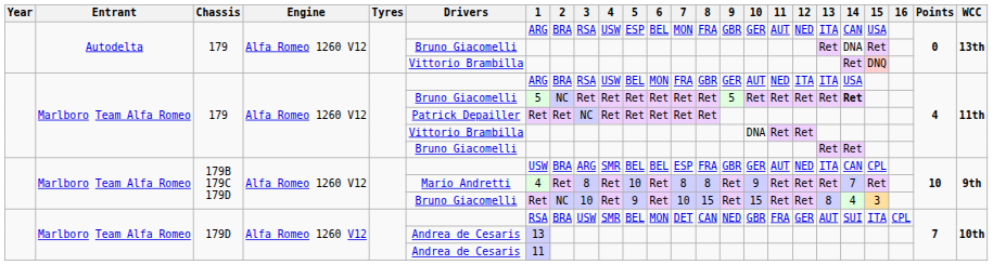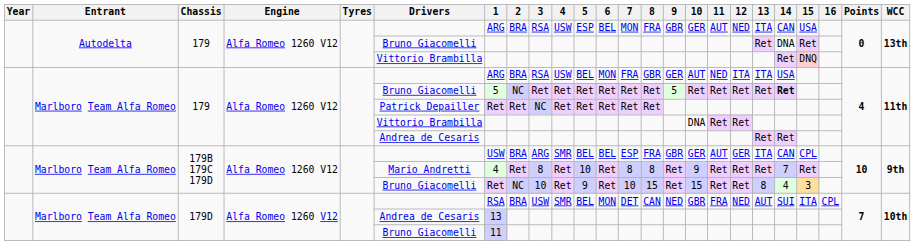 <table class="wikitable" style="text-align:center; font-size:95%">
 <tr>
 <th>Year</th>
 <th>Entrant</th>
 <th>Chassis</th>
 <th>Engine</th>
 <th>Tyres</th>
 <th>Drivers</th>
 <th>1</th>
 <th>2</th>
 <th>3</th>
 <th>4</th>
 <th>5</th>
 <th>6</th>
 <th>7</th>
 <th>8</th>
 <th>9</th>
 <th>10</th>
 <th>11</th>
 <th>12</th>
 <th>13</th>
 <th>14</th>
 <th>15</th>
 <th>16</th>
 <th>Points</th>
 <th>WCC</th>
 </tr>
 <tr>
 <td rowspan="3"></td>
 <td rowspan="3"><a href='#'>Autodelta</a></td>
 <td rowspan="3">179</td>
 <td rowspan="3"><a href='#'>Alfa Romeo</a> 1260 V12</td>
 <td rowspan="3"></td>
 <td></td>
 <td><a href='#'>ARG</a></td>
 <td><a href='#'>BRA</a></td>
 <td><a href='#'>RSA</a></td>
 <td><a href='#'>USW</a></td>
 <td><a href='#'>ESP</a></td>
 <td><a href='#'>BEL</a></td>
 <td><a href='#'>MON</a></td>
 <td><a href='#'>FRA</a></td>
 <td><a href='#'>GBR</a></td>
 <td><a href='#'>GER</a></td>
 <td><a href='#'>AUT</a></td>
 <td><a href='#'>NED</a></td>
 <td><a href='#'>ITA</a></td>
 <td><a href='#'>CAN</a></td>
 <td><a href='#'>USA</a></td>
 <td></td>
 <td rowspan="3"><strong>0</strong></td>
 <td rowspan="3"><strong>13th</strong></td>
 </tr>
 <tr>
 <td><a href='#'>Bruno Giacomelli</a></td>
 <td></td>
 <td></td>
 <td></td>
 <td></td>
 <td></td>
 <td></td>
 <td></td>
 <td></td>
 <td></td>
 <td></td>
 <td></td>
 <td></td>
 <td style="background:#EFCFFF;">Ret</td>
 <td>DNA</td>
 <td style="background:#EFCFFF;">Ret</td>
 <td></td>
 </tr>
 <tr>
 <td><a href='#'>Vittorio Brambilla</a></td>
 <td></td>
 <td></td>
 <td></td>
 <td></td>
 <td></td>
 <td></td>
 <td></td>
 <td></td>
 <td></td>
 <td></td>
 <td></td>
 <td></td>
 <td></td>
 <td style="background:#EFCFFF;">Ret</td>
 <td style="background:#ffcfcf;">DNQ</td>
 <td></td>
 </tr>
 <tr>
 <td rowspan="5"></td>
 <td rowspan="5"><a href='#'>Marlboro</a> <a href='#'>Team Alfa Romeo</a></td>
 <td rowspan="5">179</td>
 <td rowspan="5"><a href='#'>Alfa Romeo</a> 1260 V12</td>
 <td rowspan="5"></td>
 <td></td>
 <td><a href='#'>ARG</a></td>
 <td><a href='#'>BRA</a></td>
 <td><a href='#'>RSA</a></td>
 <td><a href='#'>USW</a></td>
 <td><a href='#'>BEL</a></td>
 <td><a href='#'>MON</a></td>
 <td><a href='#'>FRA</a></td>
 <td><a href='#'>GBR</a></td>
 <td><a href='#'>GER</a></td>
 <td><a href='#'>AUT</a></td>
 <td><a href='#'>NED</a></td>
 <td><a href='#'>ITA</a></td>
 <td><a href='#'>ITA</a></td>
 <td><a href='#'>USA</a></td>
 <td></td>
 <td></td>
 <td rowspan="5"><strong>4</strong></td>
 <td rowspan="5"><strong>11th</strong></td>
 </tr>
 <tr>
 <td><a href='#'>Bruno Giacomelli</a></td>
 <td style="background:#dfffdf;">5</td>
 <td style="background:#cfcfff;">NC</td>
 <td style="background:#EFCFFF;">Ret</td>
 <td style="background:#EFCFFF;">Ret</td>
 <td style="background:#EFCFFF;">Ret</td>
 <td style="background:#EFCFFF;">Ret</td>
 <td style="background:#EFCFFF;">Ret</td>
 <td style="background:#EFCFFF;">Ret</td>
 <td style="background:#dfffdf;">5</td>
 <td style="background:#EFCFFF;">Ret</td>
 <td style="background:#EFCFFF;">Ret</td>
 <td style="background:#EFCFFF;">Ret</td>
 <td style="background:#EFCFFF;">Ret</td>
 <td style="background:#EFCFFF;"><strong>Ret</strong></td>
 <td></td>
 <td></td>
 </tr>
 <tr>
 <td><a href='#'>Patrick Depailler</a></td>
 <td style="background:#EFCFFF;">Ret</td>
 <td style="background:#EFCFFF;">Ret</td>
 <td style="background:#cfcfff;">NC</td>
 <td style="background:#EFCFFF;">Ret</td>
 <td style="background:#EFCFFF;">Ret</td>
 <td style="background:#EFCFFF;">Ret</td>
 <td style="background:#EFCFFF;">Ret</td>
 <td style="background:#EFCFFF;">Ret</td>
 <td></td>
 <td></td>
 <td></td>
 <td></td>
 <td></td>
 <td></td>
 <td></td>
 <td></td>
 </tr>
 <tr>
 <td><a href='#'>Vittorio Brambilla</a></td>
 <td></td>
 <td></td>
 <td></td>
 <td></td>
 <td></td>
 <td></td>
 <td></td>
 <td></td>
 <td></td>
 <td>DNA</td>
 <td style="background:#EFCFFF;">Ret</td>
 <td style="background:#EFCFFF;">Ret</td>
 <td></td>
 <td></td>
 <td></td>
 <td></td>
 </tr>
 <tr>
-<td><a href='#'>Bruno Giacomelli</a></td>
+<td><a href='#'>Andrea de Cesaris</a></td>
 <td></td>
 <td></td>
 <td></td>
 <td></td>
 <td></td>
 <td></td>
 <td></td>
 <td></td>
 <td></td>
 <td></td>
 <td></td>
 <td></td>
 <td style="background:#EFCFFF;">Ret</td>
 <td style="background:#EFCFFF;">Ret</td>
 <td></td>
 <td></td>
 </tr>
 <tr>
 <td rowspan="3"></td>
 <td rowspan="3"><a href='#'>Marlboro</a> <a href='#'>Team Alfa Romeo</a></td>
 <td rowspan="3">179B<br>179C<br>179D</td>
 <td rowspan="3"><a href='#'>Alfa Romeo</a> 1260 V12</td>
 <td rowspan="3"></td>
 <td></td>
 <td><a href='#'>USW</a></td>
 <td><a href='#'>BRA</a></td>
 <td><a href='#'>ARG</a></td>
 <td><a href='#'>SMR</a></td>
 <td><a href='#'>BEL</a></td>
 <td><a href='#'>BEL</a></td>
 <td><a href='#'>ESP</a></td>
 <td><a href='#'>FRA</a></td>
 <td><a href='#'>GBR</a></td>
 <td><a href='#'>GER</a></td>
 <td><a href='#'>AUT</a></td>
-<td><a href='#'>NED</a></td>
+<td><a href='#'>GER</a></td>
 <td><a href='#'>ITA</a></td>
 <td><a href='#'>CAN</a></td>
 <td><a href='#'>CPL</a></td>
 <td></td>
 <td rowspan="3"><strong>10</strong></td>
 <td rowspan="3"><strong>9th</strong></td>
 </tr>
 <tr>
 <td><a href='#'>Mario Andretti</a></td>
 <td style="background:#dfffdf;">4</td>
 <td style="background:#EFCFFF;">Ret</td>
 <td style="background:#cfcfff;">8</td>
 <td style="background:#EFCFFF;">Ret</td>
 <td style="background:#cfcfff;">10</td>
 <td style="background:#EFCFFF;">Ret</td>
 <td style="background:#cfcfff;">8</td>
 <td style="background:#cfcfff;">8</td>
 <td style="background:#EFCFFF;">Ret</td>
 <td style="background:#cfcfff;">9</td>
 <td style="background:#EFCFFF;">Ret</td>
 <td style="background:#EFCFFF;">Ret</td>
 <td style="background:#EFCFFF;">Ret</td>
 <td style="background:#cfcfff;">7</td>
 <td style="background:#EFCFFF;">Ret</td>
 <td></td>
 </tr>
 <tr>
 <td><a href='#'>Bruno Giacomelli</a></td>
 <td style="background:#EFCFFF;">Ret</td>
 <td style="background:#cfcfff;">NC</td>
 <td style="background:#cfcfff;">10</td>
 <td style="background:#EFCFFF;">Ret</td>
 <td style="background:#cfcfff;">9</td>
 <td style="background:#EFCFFF;">Ret</td>
 <td style="background:#cfcfff;">10</td>
 <td style="background:#cfcfff;">15</td>
 <td style="background:#EFCFFF;">Ret</td>
 <td style="background:#cfcfff;">15</td>
 <td style="background:#EFCFFF;">Ret</td>
 <td style="background:#EFCFFF;">Ret</td>
 <td style="background:#cfcfff;">8</td>
 <td style="background:#dfffdf;">4</td>
 <td style="background:#ffdf9f;">3</td>
 <td></td>
 </tr>
 <tr>
 <td rowspan="3"></td>
 <td rowspan="3"><a href='#'>Marlboro</a> <a href='#'>Team Alfa Romeo</a></td>
 <td rowspan="3">179D</td>
 <td rowspan="3"><a href='#'>Alfa Romeo</a> 1260 <a href='#'>V12</a></td>
 <td rowspan="3"></td>
 <td></td>
 <td><a href='#'>RSA</a></td>
 <td><a href='#'>BRA</a></td>
 <td><a href='#'>USW</a></td>
 <td><a href='#'>SMR</a></td>
 <td><a href='#'>BEL</a></td>
 <td><a href='#'>MON</a></td>
 <td><a href='#'>DET</a></td>
 <td><a href='#'>CAN</a></td>
 <td><a href='#'>NED</a></td>
 <td><a href='#'>GBR</a></td>
 <td><a href='#'>FRA</a></td>
-<td><a href='#'>GER</a></td>
+<td><a href='#'>NED</a></td>
 <td><a href='#'>AUT</a></td>
 <td><a href='#'>SUI</a></td>
 <td><a href='#'>ITA</a></td>
 <td><a href='#'>CPL</a></td>
 <td rowspan="3"><strong>7</strong></td>
 <td rowspan="3"><strong>10th</strong></td>
 </tr>
 <tr>
 <td><a href='#'>Andrea de Cesaris</a></td>
 <td style="background:#cfcfff;">13</td>
 <td></td>
 <td></td>
 <td></td>
 <td></td>
 <td></td>
 <td></td>
 <td></td>
 <td></td>
 <td></td>
 <td></td>
 <td></td>
 <td></td>
 <td></td>
 <td></td>
 <td></td>
 </tr>
 <tr>
-<td><a href='#'>Andrea de Cesaris</a></td>
+<td><a href='#'>Bruno Giacomelli</a></td>
 <td style="background:#cfcfff;">11</td>
 <td></td>
 <td></td>
 <td></td>
 <td></td>
 <td></td>
 <td></td>
 <td></td>
 <td></td>
 <td></td>
 <td></td>
 <td></td>
 <td></td>
 <td></td>
 <td></td>
 <td></td>
 </tr>
 </table>
